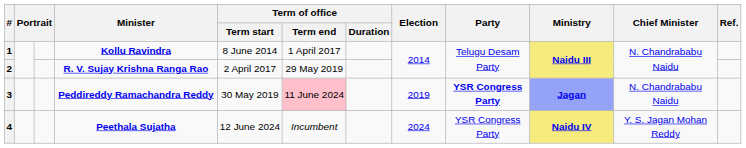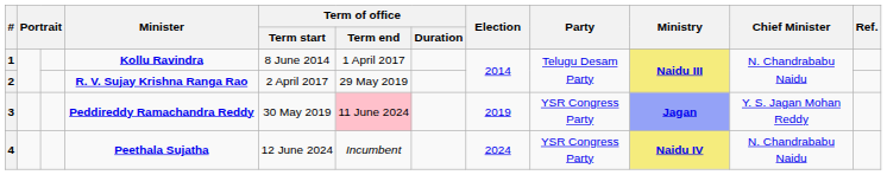 <table class="wikitable" style="line-height:1.4em; text-align:center">
 <tr>
 <th rowspan=2>#</th>
 <th rowspan=2 colspan="2">Portrait</th>
 <th rowspan=2 style="width:16em">Minister<br></th>
 <th colspan="3">Term of office</th>
 <th rowspan=2 style="width:5em">Election<br></th>
 <th rowspan=2 style="width:8em">Party</th>
 <th rowspan=2 style="width:8em">Ministry</th>
 <th rowspan=2 style="width:10em">Chief Minister</th>
 <th rowspan=2>Ref.</th>
 </tr>
 <tr>
 <th>Term start</th>
 <th>Term end</th>
 <th>Duration</th>
 </tr>
 <tr>
 <th>1</th>
 <td rowspan=2></td>
 <td></td>
 <td><strong><a href='#'>Kollu Ravindra</a></strong><br></td>
 <td>8 June 2014</td>
 <td>1 April 2017</td>
 <td><strong></strong></td>
 <td rowspan=2><a href='#'>2014</a><br></td>
 <td rowspan=2><a href='#'>Telugu Desam Party</a></td>
 <td rowspan=2 bgcolor="#F5EC7D"><strong><a href='#'>Naidu III</a></strong></td>
 <td rowspan=2><a href='#'>N. Chandrababu Naidu</a></td>
 <td></td>
 </tr>
 <tr>
 <th>2</th>
 <td></td>
 <td><strong><a href='#'>R. V. Sujay Krishna Ranga Rao</a></strong><br></td>
 <td>2 April 2017</td>
 <td>29 May 2019</td>
 <td><strong></strong></td>
 <td></td>
 </tr>
 <tr>
 <th>3</th>
 <td></td>
 <td></td>
 <td><strong><a href='#'>Peddireddy Ramachandra Reddy</a></strong><br></td>
 <td>30 May 2019</td>
 <td style="background: pink;">11 June 2024</td>
 <td><strong></strong></td>
 <td><a href='#'>2019</a><br></td>
-<td><strong><a href='#'>YSR Congress Party</a></strong></td>
+<td><a href='#'>YSR Congress Party</a></td>
 <td bgcolor="#94A2F7"><strong><a href='#'>Jagan</a></strong></td>
-<td><a href='#'>N. Chandrababu Naidu</a></td>
+<td><a href='#'>Y. S. Jagan Mohan Reddy</a></td>
 <td></td>
 </tr>
 <tr>
 <th>4</th>
 <td></td>
 <td></td>
 <td><strong><a href='#'>Peethala Sujatha</a></strong><br></td>
 <td>12 June 2024</td>
 <td><em>Incumbent</em></td>
 <td><strong></strong></td>
 <td><a href='#'>2024</a><br></td>
 <td><a href='#'>YSR Congress Party</a></td>
 <td bgcolor="#F5EC7D"><strong><a href='#'>Naidu IV</a></strong></td>
-<td><a href='#'>Y. S. Jagan Mohan Reddy</a></td>
+<td><a href='#'>N. Chandrababu Naidu</a></td>
 <td></td>
 </tr>
 </table>
